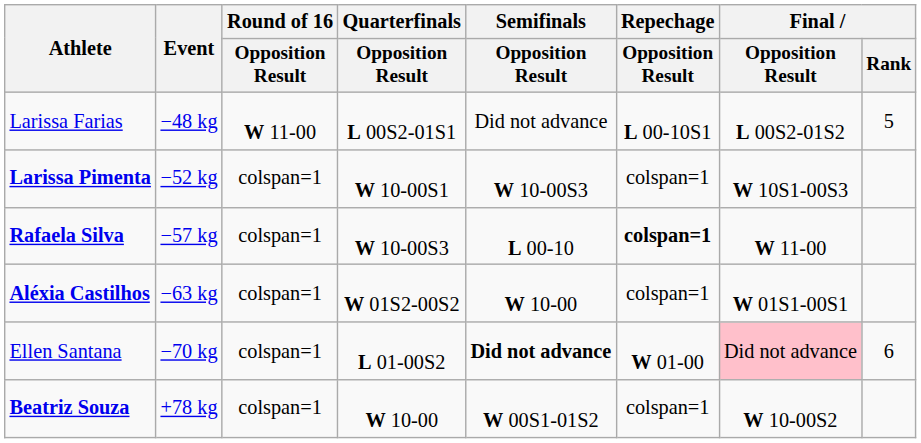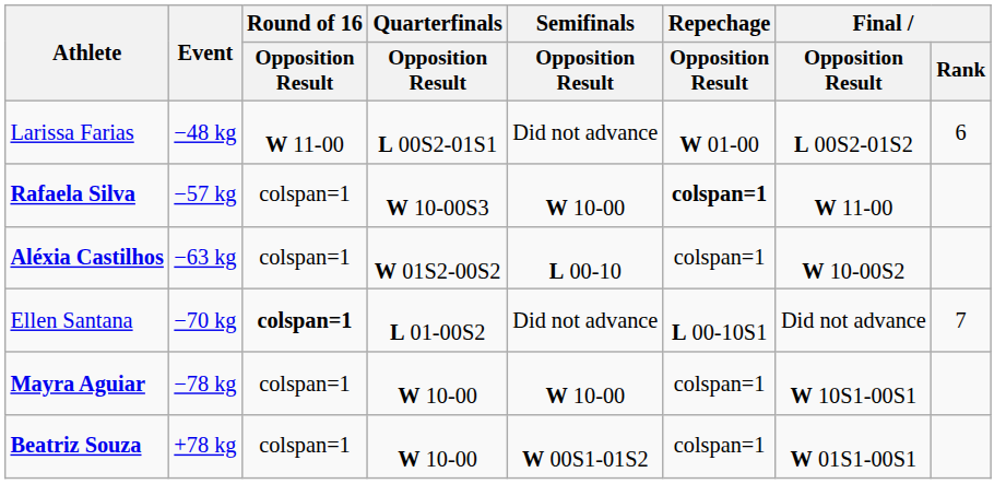 <table class="wikitable" style="font-size:90%">
 <tr>
 <th rowspan=2>Athlete</th>
 <th rowspan=2>Event</th>
 <th>Round of 16</th>
 <th>Quarterfinals</th>
 <th>Semifinals</th>
 <th>Repechage</th>
 <th colspan=2>Final / </th>
 </tr>
 <tr style="font-size:95%">
 <th>Opposition<br>Result</th>
 <th>Opposition<br>Result</th>
 <th>Opposition<br>Result</th>
 <th>Opposition<br>Result</th>
 <th>Opposition<br>Result</th>
 <th>Rank</th>
 </tr>
 <tr align=center>
 <td align=left><a href='#'>Larissa Farias</a></td>
 <td align=left><a href='#'>−48 kg</a></td>
 <td><br><strong>W</strong> 11-00</td>
 <td><br><strong>L</strong> 00S2-01S1</td>
 <td>Did not advance</td>
-<td><br><strong>L</strong> 00-10S1</td>
+<td><br><strong>W</strong> 01-00</td>
 <td><br><strong>L</strong> 00S2-01S2</td>
-<td>5</td>
-</tr>
-<tr align=center>
-<td align=left><strong><a href='#'>Larissa Pimenta</a></strong></td>
-<td align=left><a href='#'>−52 kg</a></td>
-<td>colspan=1 </td>
-<td><br><strong>W</strong> 10-00S1</td>
-<td><br><strong>W</strong> 10-00S3</td>
-<td>colspan=1 </td>
-<td><br><strong>W</strong> 10S1-00S3</td>
-<td></td>
+<td>6</td>
 </tr>
 <tr align=center>
 <td align=left><strong><a href='#'>Rafaela Silva</a></strong></td>
 <td align=left><a href='#'>−57 kg</a></td>
 <td>colspan=1 </td>
 <td><br><strong>W</strong> 10-00S3</td>
-<td><br><strong>L</strong> 00-10</td>
+<td><br><strong>W</strong> 10-00</td>
 <td><strong>colspan=1 </strong></td>
 <td><br><strong>W</strong> 11-00</td>
 <td> </td>
 </tr>
 <tr align=center>
 <td align=left><strong><a href='#'>Aléxia Castilhos</a></strong></td>
 <td align=left><a href='#'>−63 kg</a></td>
 <td>colspan=1 </td>
 <td><br><strong>W</strong> 01S2-00S2</td>
-<td><br><strong>W</strong> 10-00</td>
+<td><br><strong>L</strong> 00-10</td>
 <td>colspan=1 </td>
-<td><br><strong>W</strong> 01S1-00S1</td>
+<td><br><strong>W</strong> 10-00S2</td>
 <td></td>
 </tr>
 <tr align=center>
 <td align=left><a href='#'>Ellen Santana</a></td>
 <td align=left><a href='#'>−70 kg</a></td>
+<td><strong>colspan=1 </strong></td>
+<td><br><strong>L</strong> 01-00S2</td>
+<td>Did not advance</td>
+<td><br><strong>L</strong> 00-10S1</td>
+<td>Did not advance</td>
+<td>7</td>
+</tr>
+<tr align=center>
+<td align=left><strong><a href='#'>Mayra Aguiar</a></strong></td>
+<td align=left><a href='#'>−78 kg</a></td>
 <td>colspan=1 </td>
-<td><br><strong>L</strong> 01-00S2</td>
-<td><strong>Did not advance</strong></td>
-<td><br><strong>W</strong> 01-00</td>
-<td style="background: pink;">Did not advance</td>
-<td>6</td>
+<td><br><strong>W</strong> 10-00</td>
+<td><br><strong>W</strong> 10-00</td>
+<td>colspan=1 </td>
+<td><br><strong>W</strong> 10S1-00S1</td>
+<td></td>
 </tr>
 <tr align=center>
 <td align=left><strong><a href='#'>Beatriz Souza</a></strong></td>
 <td align=left><a href='#'>+78 kg</a></td>
 <td>colspan=1 </td>
 <td><br><strong>W</strong> 10-00</td>
 <td><br><strong>W</strong> 00S1-01S2</td>
 <td>colspan=1 </td>
-<td><br><strong>W</strong> 10-00S2</td>
+<td><br><strong>W</strong> 01S1-00S1</td>
 <td></td>
 </tr>
 </table>
